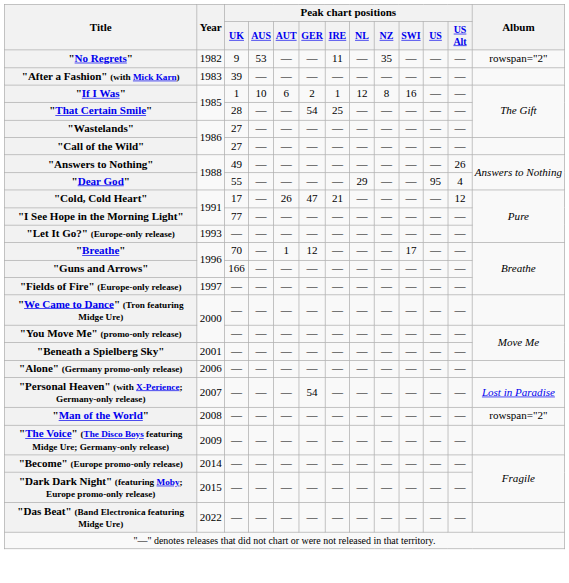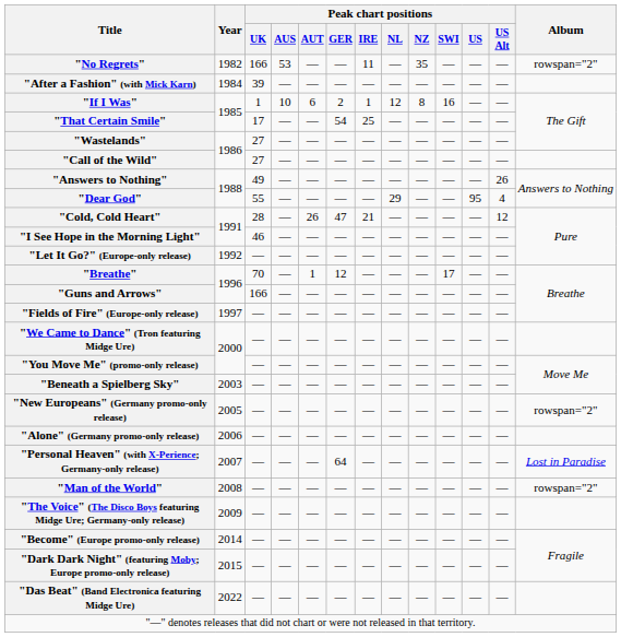 <table class="wikitable plainrowheaders" style="text-align:center;">
 <tr>
 <th rowspan="2" scope="col" style="width:17em;">Title</th>
 <th rowspan="2" scope="col" style="width:2em;">Year</th>
 <th colspan="10">Peak chart positions</th>
 <th rowspan="2">Album</th>
 </tr>
 <tr>
 <th scope="col" style="width:2em;font-size:90%;"><a href='#'>UK</a><br></th>
 <th scope="col" style="width:2em;font-size:90%;"><a href='#'>AUS</a><br></th>
 <th scope="col" style="width:2em;font-size:90%;"><a href='#'>AUT</a><br></th>
 <th scope="col" style="width:2em;font-size:90%;"><a href='#'>GER</a><br></th>
 <th scope="col" style="width:2em;font-size:90%;"><a href='#'>IRE</a><br></th>
 <th scope="col" style="width:2em;font-size:90%;"><a href='#'>NL</a><br></th>
 <th scope="col" style="width:2em;font-size:90%;"><a href='#'>NZ</a><br></th>
 <th scope="col" style="width:2em;font-size:90%;"><a href='#'>SWI</a><br></th>
 <th scope="col" style="width:2em;font-size:90%;"><a href='#'>US</a><br></th>
 <th scope="col" style="width:2em;font-size:90%;"><a href='#'>US Alt</a><br></th>
 </tr>
 <tr>
 <th scope="row">"<a href='#'>No Regrets</a>"</th>
 <td>1982</td>
-<td>9</td>
+<td>166</td>
 <td>53</td>
 <td>—</td>
 <td>—</td>
 <td>11</td>
 <td>—</td>
 <td>35</td>
 <td>—</td>
 <td>—</td>
 <td>—</td>
 <td>rowspan="2" </td>
 </tr>
 <tr>
 <th scope="row">"After a Fashion" <small>(with <a href='#'>Mick Karn</a>)</small></th>
-<td>1983</td>
+<td>1984</td>
 <td>39</td>
 <td>—</td>
 <td>—</td>
 <td>—</td>
 <td>—</td>
 <td>—</td>
 <td>—</td>
 <td>—</td>
 <td>—</td>
 <td>—</td>
 </tr>
 <tr>
 <th scope="row">"<a href='#'>If I Was</a>"</th>
 <td rowspan="2">1985</td>
 <td>1</td>
 <td>10</td>
 <td>6</td>
 <td>2</td>
 <td>1</td>
 <td>12</td>
 <td>8</td>
 <td>16</td>
 <td>—</td>
 <td>—</td>
 <td rowspan="3"><em>The Gift</em></td>
 </tr>
 <tr>
 <th scope="row">"<a href='#'>That Certain Smile</a>"</th>
-<td>28</td>
+<td>17</td>
 <td>—</td>
 <td>—</td>
 <td>54</td>
 <td>25</td>
 <td>—</td>
 <td>—</td>
 <td>—</td>
 <td>—</td>
 <td>—</td>
 </tr>
 <tr>
 <th scope="row">"Wastelands"</th>
 <td rowspan="2">1986</td>
 <td>27</td>
 <td>—</td>
 <td>—</td>
 <td>—</td>
 <td>—</td>
 <td>—</td>
 <td>—</td>
 <td>—</td>
 <td>—</td>
 <td>—</td>
 </tr>
 <tr>
 <th scope="row">"Call of the Wild"</th>
 <td>27</td>
 <td>—</td>
 <td>—</td>
 <td>—</td>
 <td>—</td>
 <td>—</td>
 <td>—</td>
 <td>—</td>
 <td>—</td>
 <td>—</td>
 <td></td>
 </tr>
 <tr>
 <th scope="row">"Answers to Nothing"</th>
 <td rowspan="2">1988</td>
 <td>49</td>
 <td>—</td>
 <td>—</td>
 <td>—</td>
 <td>—</td>
 <td>—</td>
 <td>—</td>
 <td>—</td>
 <td>—</td>
 <td>26</td>
 <td rowspan="2"><em>Answers to Nothing</em></td>
 </tr>
 <tr>
 <th scope="row">"<a href='#'>Dear God</a>"</th>
 <td>55</td>
 <td>—</td>
 <td>—</td>
 <td>—</td>
 <td>—</td>
 <td>29</td>
 <td>—</td>
 <td>—</td>
 <td>95</td>
 <td>4</td>
 </tr>
 <tr>
 <th scope="row">"Cold, Cold Heart"</th>
 <td rowspan="2">1991</td>
-<td>17</td>
+<td>28</td>
 <td>—</td>
 <td>26</td>
 <td>47</td>
 <td>21</td>
 <td>—</td>
 <td>—</td>
 <td>—</td>
 <td>—</td>
 <td>12</td>
 <td rowspan="3"><em>Pure</em></td>
 </tr>
 <tr>
 <th scope="row">"I See Hope in the Morning Light"</th>
-<td>77</td>
+<td>46</td>
 <td>—</td>
 <td>—</td>
 <td>—</td>
 <td>—</td>
 <td>—</td>
 <td>—</td>
 <td>—</td>
 <td>—</td>
 <td>—</td>
 </tr>
 <tr>
 <th scope="row">"Let It Go?" <small>(Europe-only release)</small></th>
-<td>1993</td>
+<td>1992</td>
 <td>—</td>
 <td>—</td>
 <td>—</td>
 <td>—</td>
 <td>—</td>
 <td>—</td>
 <td>—</td>
 <td>—</td>
 <td>—</td>
 <td>—</td>
 </tr>
 <tr>
 <th scope="row">"<a href='#'>Breathe</a>"</th>
 <td rowspan="2">1996</td>
 <td>70</td>
 <td>—</td>
 <td>1</td>
 <td>12</td>
 <td>—</td>
 <td>—</td>
 <td>—</td>
 <td>17</td>
 <td>—</td>
 <td>—</td>
 <td rowspan="3"><em>Breathe</em></td>
 </tr>
 <tr>
 <th scope="row">"Guns and Arrows"</th>
 <td>166</td>
 <td>—</td>
 <td>—</td>
 <td>—</td>
 <td>—</td>
 <td>—</td>
 <td>—</td>
 <td>—</td>
 <td>—</td>
 <td>—</td>
 </tr>
 <tr>
 <th scope="row">"Fields of Fire" <small>(Europe-only release)</small></th>
 <td>1997</td>
 <td>—</td>
 <td>—</td>
 <td>—</td>
 <td>—</td>
 <td>—</td>
 <td>—</td>
 <td>—</td>
 <td>—</td>
 <td>—</td>
 <td>—</td>
 </tr>
 <tr>
 <th scope="row">"<a href='#'>We Came to Dance</a>" <small>(Tron featuring Midge Ure)</small></th>
 <td rowspan="2">2000</td>
 <td>—</td>
 <td>—</td>
 <td>—</td>
 <td>—</td>
 <td>—</td>
 <td>—</td>
 <td>—</td>
 <td>—</td>
 <td>—</td>
 <td>—</td>
 <td></td>
 </tr>
 <tr>
 <th scope="row">"You Move Me" <small>(promo-only release)</small></th>
 <td>—</td>
 <td>—</td>
 <td>—</td>
 <td>—</td>
 <td>—</td>
 <td>—</td>
 <td>—</td>
 <td>—</td>
 <td>—</td>
 <td>—</td>
 <td rowspan="2"><em>Move Me</em></td>
 </tr>
 <tr>
 <th scope="row">"Beneath a Spielberg Sky"</th>
-<td>2001</td>
+<td>2003</td>
 <td>—</td>
 <td>—</td>
 <td>—</td>
 <td>—</td>
 <td>—</td>
 <td>—</td>
 <td>—</td>
 <td>—</td>
 <td>—</td>
 <td>—</td>
+</tr>
+<tr>
+<th scope="row">"New Europeans" <small>(Germany promo-only release)</small></th>
+<td>2005</td>
+<td>—</td>
+<td>—</td>
+<td>—</td>
+<td>—</td>
+<td>—</td>
+<td>—</td>
+<td>—</td>
+<td>—</td>
+<td>—</td>
+<td>—</td>
+<td>rowspan="2" </td>
 </tr>
 <tr>
 <th scope="row">"Alone" <small>(Germany promo-only release)</small></th>
 <td>2006</td>
 <td>—</td>
 <td>—</td>
 <td>—</td>
 <td>—</td>
 <td>—</td>
 <td>—</td>
 <td>—</td>
 <td>—</td>
 <td>—</td>
 <td>—</td>
 </tr>
 <tr>
 <th scope="row">"Personal Heaven" <small>(with <a href='#'>X-Perience</a>; Germany-only release)</small></th>
 <td>2007</td>
 <td>—</td>
 <td>—</td>
 <td>—</td>
-<td>54</td>
+<td>64</td>
 <td>—</td>
 <td>—</td>
 <td>—</td>
 <td>—</td>
 <td>—</td>
 <td>—</td>
 <td><em><a href='#'>Lost in Paradise</a></em></td>
 </tr>
 <tr>
 <th scope="row">"<a href='#'>Man of the World</a>"</th>
 <td>2008</td>
 <td>—</td>
 <td>—</td>
 <td>—</td>
 <td>—</td>
 <td>—</td>
 <td>—</td>
 <td>—</td>
 <td>—</td>
 <td>—</td>
 <td>—</td>
 <td>rowspan="2" </td>
 </tr>
 <tr>
 <th scope="row">"<a href='#'>The Voice</a>" <small>(<a href='#'>The Disco Boys</a> featuring Midge Ure; Germany-only release)</small></th>
 <td>2009</td>
 <td>—</td>
 <td>—</td>
 <td>—</td>
 <td>—</td>
 <td>—</td>
 <td>—</td>
 <td>—</td>
 <td>—</td>
 <td>—</td>
 <td>—</td>
 </tr>
 <tr>
 <th scope="row">"Become" <small>(Europe promo-only release)</small></th>
 <td>2014</td>
 <td>—</td>
 <td>—</td>
 <td>—</td>
 <td>—</td>
 <td>—</td>
 <td>—</td>
 <td>—</td>
 <td>—</td>
 <td>—</td>
 <td>—</td>
 <td rowspan="2"><em>Fragile</em></td>
 </tr>
 <tr>
 <th scope="row">"Dark Dark Night" <small>(featuring <a href='#'>Moby</a>; Europe promo-only release)</small></th>
 <td>2015</td>
 <td>—</td>
 <td>—</td>
 <td>—</td>
 <td>—</td>
 <td>—</td>
 <td>—</td>
 <td>—</td>
 <td>—</td>
 <td>—</td>
 <td>—</td>
 </tr>
 <tr>
 <th scope="row">"Das Beat" <small>(Band Electronica featuring Midge Ure)</small></th>
 <td>2022</td>
 <td>—</td>
 <td>—</td>
 <td>—</td>
 <td>—</td>
 <td>—</td>
 <td>—</td>
 <td>—</td>
 <td>—</td>
 <td>—</td>
 <td>—</td>
 <td></td>
 </tr>
 <tr>
 <td colspan="13" style="font-size:90%">"—" denotes releases that did not chart or were not released in that territory.</td>
 </tr>
 </table>
